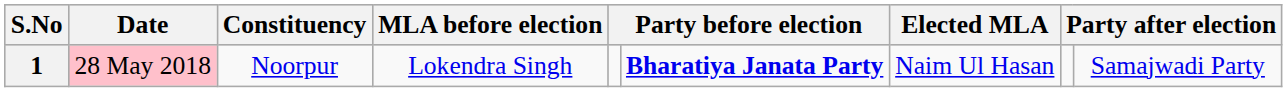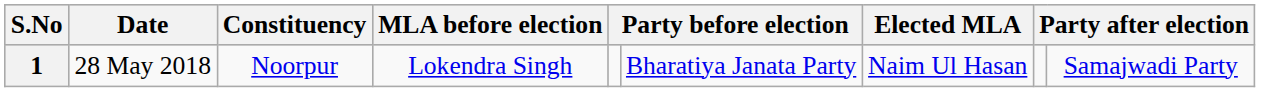 <table class="wikitable sortable" style="text-align:center;">
 <tr>
 <th>S.No</th>
 <th>Date</th>
 <th>Constituency</th>
 <th>MLA before election</th>
 <th colspan="2">Party before election</th>
 <th>Elected MLA</th>
 <th colspan="2">Party after election</th>
 </tr>
 <tr>
 <th>1</th>
-<td style="background: pink;">28 May 2018</td>
+<td>28 May 2018</td>
 <td><a href='#'>Noorpur</a></td>
 <td><a href='#'>Lokendra Singh</a></td>
 <td></td>
-<td><strong><a href='#'>Bharatiya Janata Party</a></strong></td>
+<td><a href='#'>Bharatiya Janata Party</a></td>
 <td><a href='#'>Naim Ul Hasan</a></td>
 <td></td>
 <td><a href='#'>Samajwadi Party</a></td>
 </tr>
 </table>
